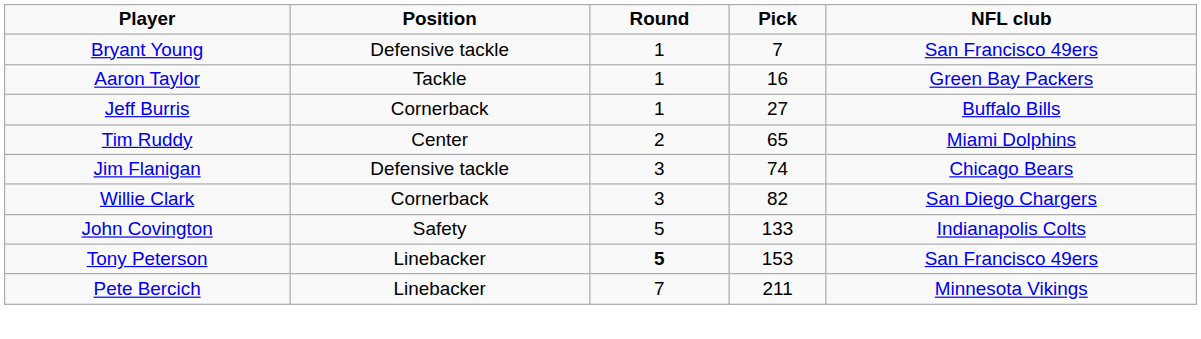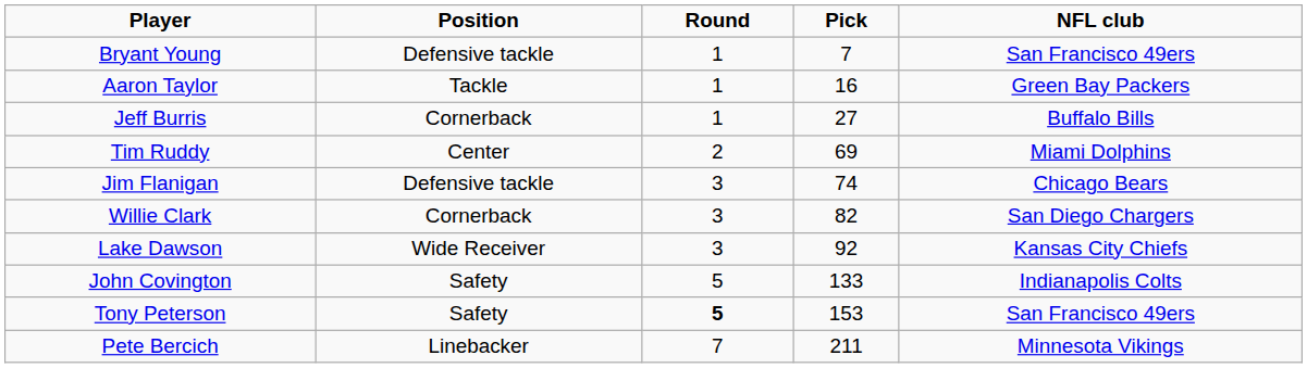 <table class="wikitable" width="80%">
 <tr align="center">
 <td><strong>Player</strong></td>
 <td><strong>Position</strong></td>
 <td><strong>Round</strong></td>
 <td><strong>Pick</strong></td>
 <td><strong>NFL club</strong></td>
 </tr>
 <tr align="center" bgcolor="">
 <td><a href='#'>Bryant Young</a></td>
 <td>Defensive tackle</td>
 <td>1</td>
 <td>7</td>
 <td><a href='#'>San Francisco 49ers</a></td>
 </tr>
 <tr align="center" bgcolor="">
 <td><a href='#'>Aaron Taylor</a></td>
 <td>Tackle</td>
 <td>1</td>
 <td>16</td>
 <td><a href='#'>Green Bay Packers</a></td>
 </tr>
 <tr align="center" bgcolor="">
 <td><a href='#'>Jeff Burris</a></td>
 <td>Cornerback</td>
 <td>1</td>
 <td>27</td>
 <td><a href='#'>Buffalo Bills</a></td>
 </tr>
 <tr align="center" bgcolor="">
 <td><a href='#'>Tim Ruddy</a></td>
 <td>Center</td>
 <td>2</td>
-<td>65</td>
+<td>69</td>
 <td><a href='#'>Miami Dolphins</a></td>
 </tr>
 <tr align="center" bgcolor="">
 <td><a href='#'>Jim Flanigan</a></td>
 <td>Defensive tackle</td>
 <td>3</td>
 <td>74</td>
 <td><a href='#'>Chicago Bears</a></td>
 </tr>
 <tr align="center" bgcolor="">
 <td><a href='#'>Willie Clark</a></td>
 <td>Cornerback</td>
 <td>3</td>
 <td>82</td>
 <td><a href='#'>San Diego Chargers</a></td>
 </tr>
 <tr align="center" bgcolor="">
+<td><a href='#'>Lake Dawson</a></td>
+<td>Wide Receiver</td>
+<td>3</td>
+<td>92</td>
+<td><a href='#'>Kansas City Chiefs</a></td>
+</tr>
+<tr align="center" bgcolor="">
 <td><a href='#'>John Covington</a></td>
 <td>Safety</td>
 <td>5</td>
 <td>133</td>
 <td><a href='#'>Indianapolis Colts</a></td>
 </tr>
 <tr align="center" bgcolor="">
 <td><a href='#'>Tony Peterson</a></td>
-<td>Linebacker</td>
+<td>Safety</td>
 <td><strong>5</strong></td>
 <td>153</td>
 <td><a href='#'>San Francisco 49ers</a></td>
 </tr>
 <tr align="center" bgcolor="">
 <td><a href='#'>Pete Bercich</a></td>
 <td>Linebacker</td>
 <td>7</td>
 <td>211</td>
 <td><a href='#'>Minnesota Vikings</a></td>
 </tr>
 </table>
